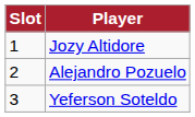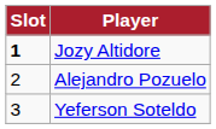 <table class="wikitable" style="text-align:left; margin-left:1em; font-size:95%;">
 <tr>
 <th style="background:#AB1E2D; color:white; text-align:center;">Slot</th>
 <th style="background:#AB1E2D; color:white; text-align:center;">Player</th>
 </tr>
 <tr>
-<td>1</td>
+<td><strong>1</strong></td>
 <td> <a href='#'>Jozy Altidore</a></td>
 </tr>
 <tr>
 <td>2</td>
 <td> <a href='#'>Alejandro Pozuelo</a></td>
 </tr>
 <tr>
 <td>3</td>
 <td> <a href='#'>Yeferson Soteldo</a></td>
 </tr>
 </table>
